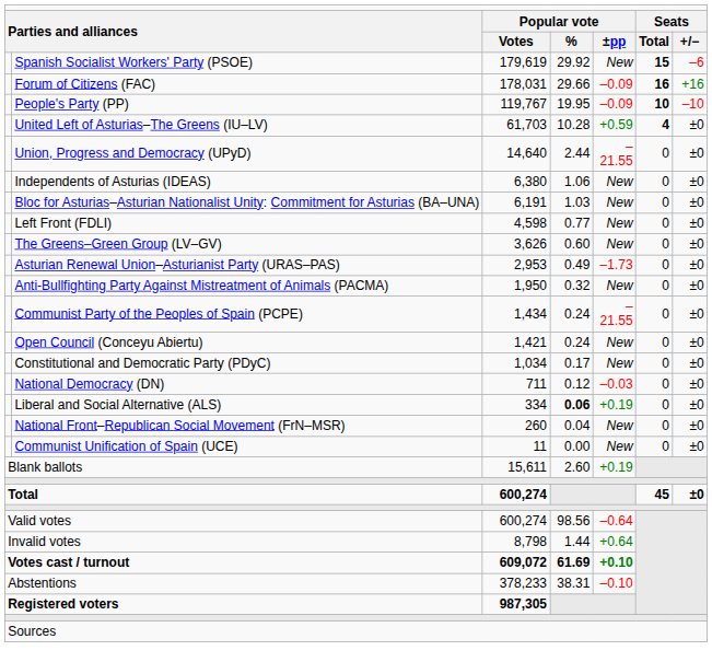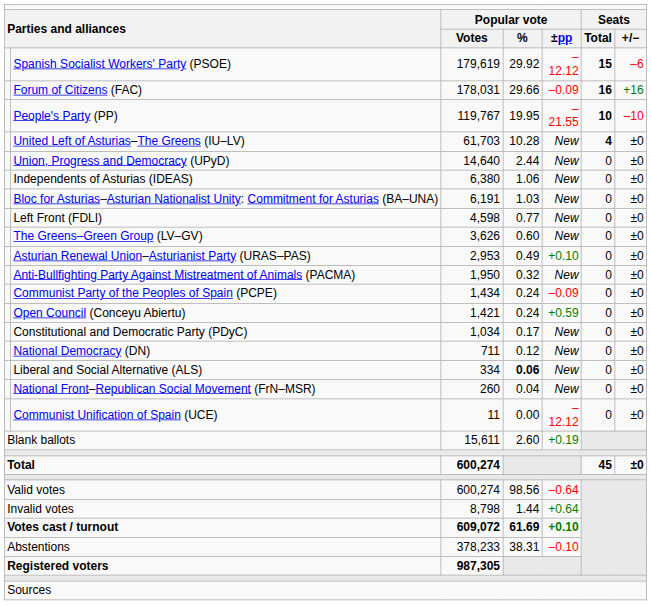 <table class="wikitable" style="text-align:right;">
 <tr>
 <td colspan="7"></td>
 </tr>
 <tr>
 <th style="text-align:left;" rowspan="2" colspan="2" width="525">Parties and alliances</th>
 <th colspan="3">Popular vote</th>
 <th colspan="2">Seats</th>
 </tr>
 <tr>
 <th width="75">Votes</th>
 <th width="45">%</th>
 <th width="45">±<a href='#'>pp</a></th>
 <th width="35">Total</th>
 <th width="35">+/−</th>
 </tr>
 <tr>
 <td width="1" style="color:inherit;background:"></td>
 <td align="left"><a href='#'>Spanish Socialist Workers' Party</a> (PSOE)</td>
 <td>179,619</td>
 <td>29.92</td>
-<td><em>New</em></td>
+<td style="color:red;">–12.12</td>
 <td><strong>15</strong></td>
 <td style="color:red;">–6</td>
 </tr>
 <tr>
 <td style="color:inherit;background:"></td>
 <td align="left"><a href='#'>Forum of Citizens</a> (FAC)</td>
 <td>178,031</td>
 <td>29.66</td>
 <td style="color:red;">–0.09</td>
 <td><strong>16</strong></td>
 <td style="color:green;">+16</td>
 </tr>
 <tr>
 <td style="color:inherit;background:"></td>
 <td align="left"><a href='#'>People's Party</a> (PP)</td>
 <td>119,767</td>
 <td>19.95</td>
-<td style="color:red;">–0.09</td>
+<td style="color:red;">–21.55</td>
 <td><strong>10</strong></td>
 <td style="color:red;">–10</td>
 </tr>
 <tr>
 <td style="color:inherit;background:"></td>
 <td align="left"><a href='#'>United Left of Asturias</a>–<a href='#'>The Greens</a> (IU–LV)</td>
 <td>61,703</td>
 <td>10.28</td>
-<td style="color:green;">+0.59</td>
+<td><em>New</em></td>
 <td><strong>4</strong></td>
 <td>±0</td>
 </tr>
 <tr>
 <td style="color:inherit;background:"></td>
 <td align="left"><a href='#'>Union, Progress and Democracy</a> (UPyD)</td>
 <td>14,640</td>
 <td>2.44</td>
-<td style="color:red;">–21.55</td>
+<td><em>New</em></td>
 <td>0</td>
 <td>±0</td>
 </tr>
 <tr>
 <td style="color:inherit;background:"></td>
 <td align="left">Independents of Asturias (IDEAS)</td>
 <td>6,380</td>
 <td>1.06</td>
 <td><em>New</em></td>
 <td>0</td>
 <td>±0</td>
 </tr>
 <tr>
 <td style="color:inherit;background:"></td>
 <td align="left"><a href='#'>Bloc for Asturias</a>–<a href='#'>Asturian Nationalist Unity</a>: <a href='#'>Commitment for Asturias</a> (BA–UNA)</td>
 <td>6,191</td>
 <td>1.03</td>
 <td><em>New</em></td>
 <td>0</td>
 <td>±0</td>
 </tr>
 <tr>
 <td style="color:inherit;background:"></td>
 <td align="left">Left Front (FDLI)</td>
 <td>4,598</td>
 <td>0.77</td>
 <td><em>New</em></td>
 <td>0</td>
 <td>±0</td>
 </tr>
 <tr>
 <td style="color:inherit;background:"></td>
 <td align="left"><a href='#'>The Greens–Green Group</a> (LV–GV)</td>
 <td>3,626</td>
 <td>0.60</td>
 <td><em>New</em></td>
 <td>0</td>
 <td>±0</td>
 </tr>
 <tr>
 <td style="color:inherit;background:"></td>
 <td align="left"><a href='#'>Asturian Renewal Union</a>–<a href='#'>Asturianist Party</a> (URAS–PAS)</td>
 <td>2,953</td>
 <td>0.49</td>
-<td style="color:red;">–1.73</td>
+<td style="color:green;">+0.10</td>
 <td>0</td>
 <td>±0</td>
 </tr>
 <tr>
 <td style="color:inherit;background:"></td>
 <td align="left"><a href='#'>Anti-Bullfighting Party Against Mistreatment of Animals</a> (PACMA)</td>
 <td>1,950</td>
 <td>0.32</td>
 <td><em>New</em></td>
 <td>0</td>
 <td>±0</td>
 </tr>
 <tr>
 <td style="color:inherit;background:"></td>
 <td align="left"><a href='#'>Communist Party of the Peoples of Spain</a> (PCPE)</td>
 <td>1,434</td>
 <td>0.24</td>
-<td style="color:red;">–21.55</td>
+<td style="color:red;">–0.09</td>
 <td>0</td>
 <td>±0</td>
 </tr>
 <tr>
 <td style="color:inherit;background:"></td>
 <td align="left"><a href='#'>Open Council</a> (Conceyu Abiertu)</td>
 <td>1,421</td>
 <td>0.24</td>
-<td><em>New</em></td>
+<td style="color:green;">+0.59</td>
 <td>0</td>
 <td>±0</td>
 </tr>
 <tr>
 <td style="color:inherit;background:"></td>
 <td align="left">Constitutional and Democratic Party (PDyC)</td>
 <td>1,034</td>
 <td>0.17</td>
 <td><em>New</em></td>
 <td>0</td>
 <td>±0</td>
 </tr>
 <tr>
 <td style="color:inherit;background:"></td>
 <td align="left"><a href='#'>National Democracy</a> (DN)</td>
 <td>711</td>
 <td>0.12</td>
-<td style="color:red;">–0.03</td>
+<td><em>New</em></td>
 <td>0</td>
 <td>±0</td>
 </tr>
 <tr>
 <td style="color:inherit;background:"></td>
 <td align="left">Liberal and Social Alternative (ALS)</td>
 <td>334</td>
 <td><strong>0.06</strong></td>
-<td style="color:green;">+0.19</td>
+<td><em>New</em></td>
 <td>0</td>
 <td>±0</td>
 </tr>
 <tr>
 <td style="color:inherit;background:"></td>
 <td align="left"><a href='#'>National Front</a>–<a href='#'>Republican Social Movement</a> (FrN–MSR)</td>
 <td>260</td>
 <td>0.04</td>
 <td><em>New</em></td>
 <td>0</td>
 <td>±0</td>
 </tr>
 <tr>
 <td style="color:inherit;background:"></td>
 <td align="left"><a href='#'>Communist Unification of Spain</a> (UCE)</td>
 <td>11</td>
 <td>0.00</td>
-<td><em>New</em></td>
+<td style="color:red;">–12.12</td>
 <td>0</td>
 <td>±0</td>
 </tr>
 <tr>
 <td align="left" colspan="2">Blank ballots</td>
 <td>15,611</td>
 <td>2.60</td>
 <td style="color:green;">+0.19</td>
 <td bgcolor="#E9E9E9" colspan="2"></td>
 </tr>
 <tr>
 <td colspan="7" bgcolor="#E9E9E9"></td>
 </tr>
 <tr style="font-weight:bold;">
 <td align="left" colspan="2">Total</td>
 <td>600,274</td>
 <td bgcolor="#E9E9E9" colspan="2"></td>
 <td>45</td>
 <td>±0</td>
 </tr>
 <tr>
 <td colspan="7" bgcolor="#E9E9E9"></td>
 </tr>
 <tr>
 <td align="left" colspan="2">Valid votes</td>
 <td>600,274</td>
 <td>98.56</td>
 <td style="color:red;">–0.64</td>
 <td bgcolor="#E9E9E9" colspan="2" rowspan="5"></td>
 </tr>
 <tr>
 <td align="left" colspan="2">Invalid votes</td>
 <td>8,798</td>
 <td>1.44</td>
 <td style="color:green;">+0.64</td>
 </tr>
 <tr style="font-weight:bold;">
 <td align="left" colspan="2">Votes cast / turnout</td>
 <td>609,072</td>
 <td>61.69</td>
 <td style="color:green;">+0.10</td>
 </tr>
 <tr>
 <td align="left" colspan="2">Abstentions</td>
 <td>378,233</td>
 <td>38.31</td>
 <td style="color:red;">–0.10</td>
 </tr>
 <tr style="font-weight:bold;">
 <td align="left" colspan="2">Registered voters</td>
 <td>987,305</td>
 <td bgcolor="#E9E9E9" colspan="2"></td>
 </tr>
 <tr>
 <td colspan="7" bgcolor="#E9E9E9"></td>
 </tr>
 <tr>
 <td align="left" colspan="7">Sources</td>
 </tr>
 </table>
